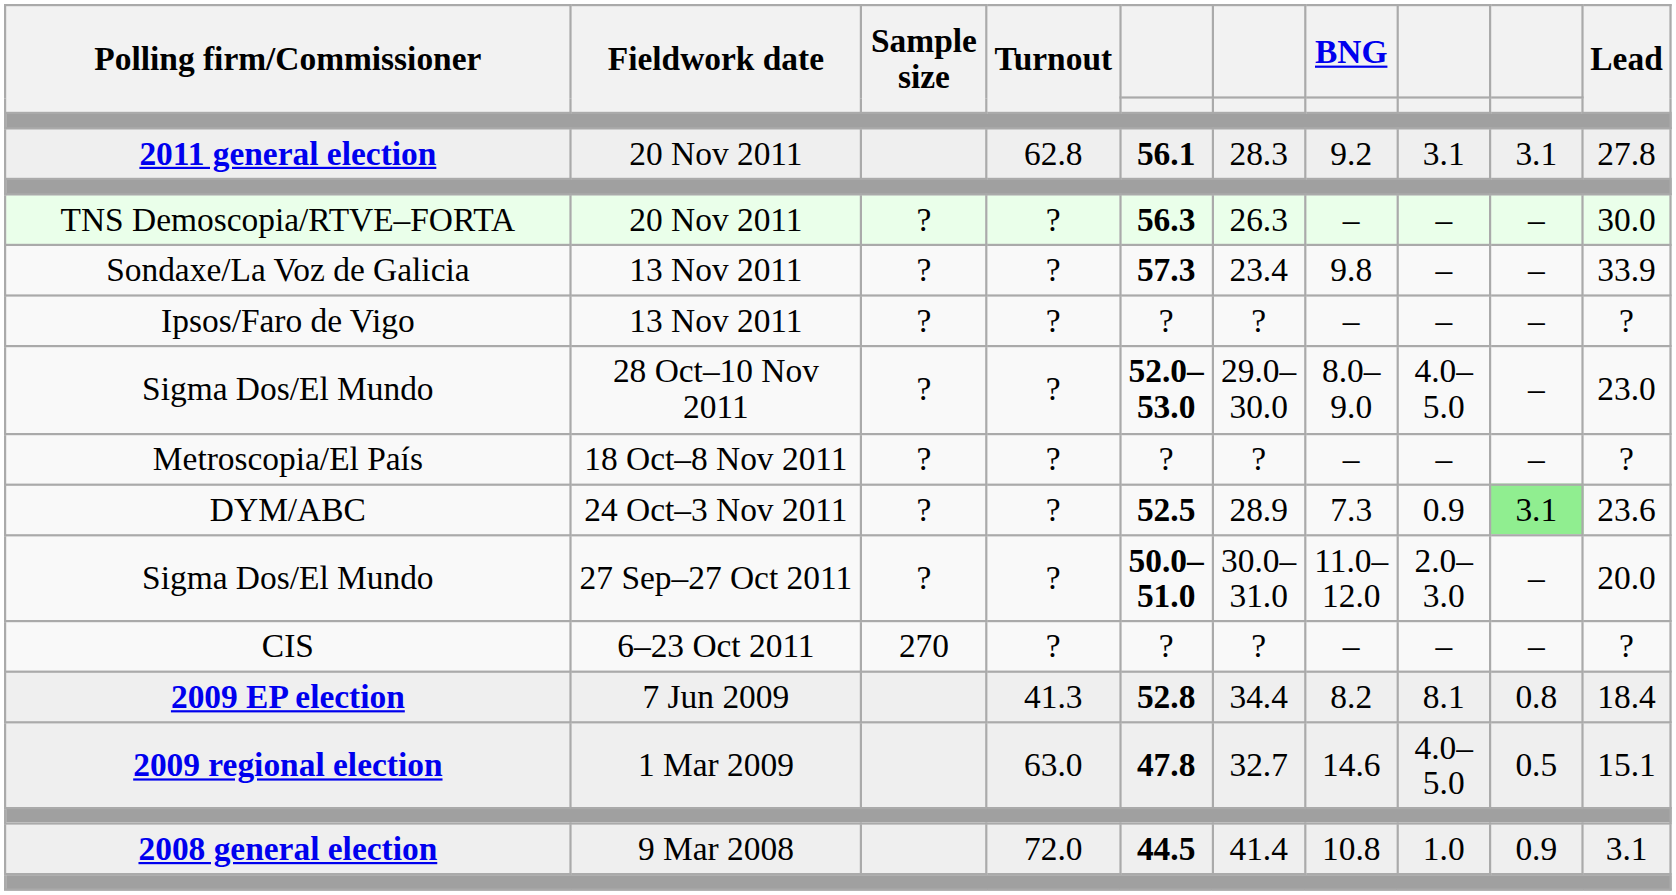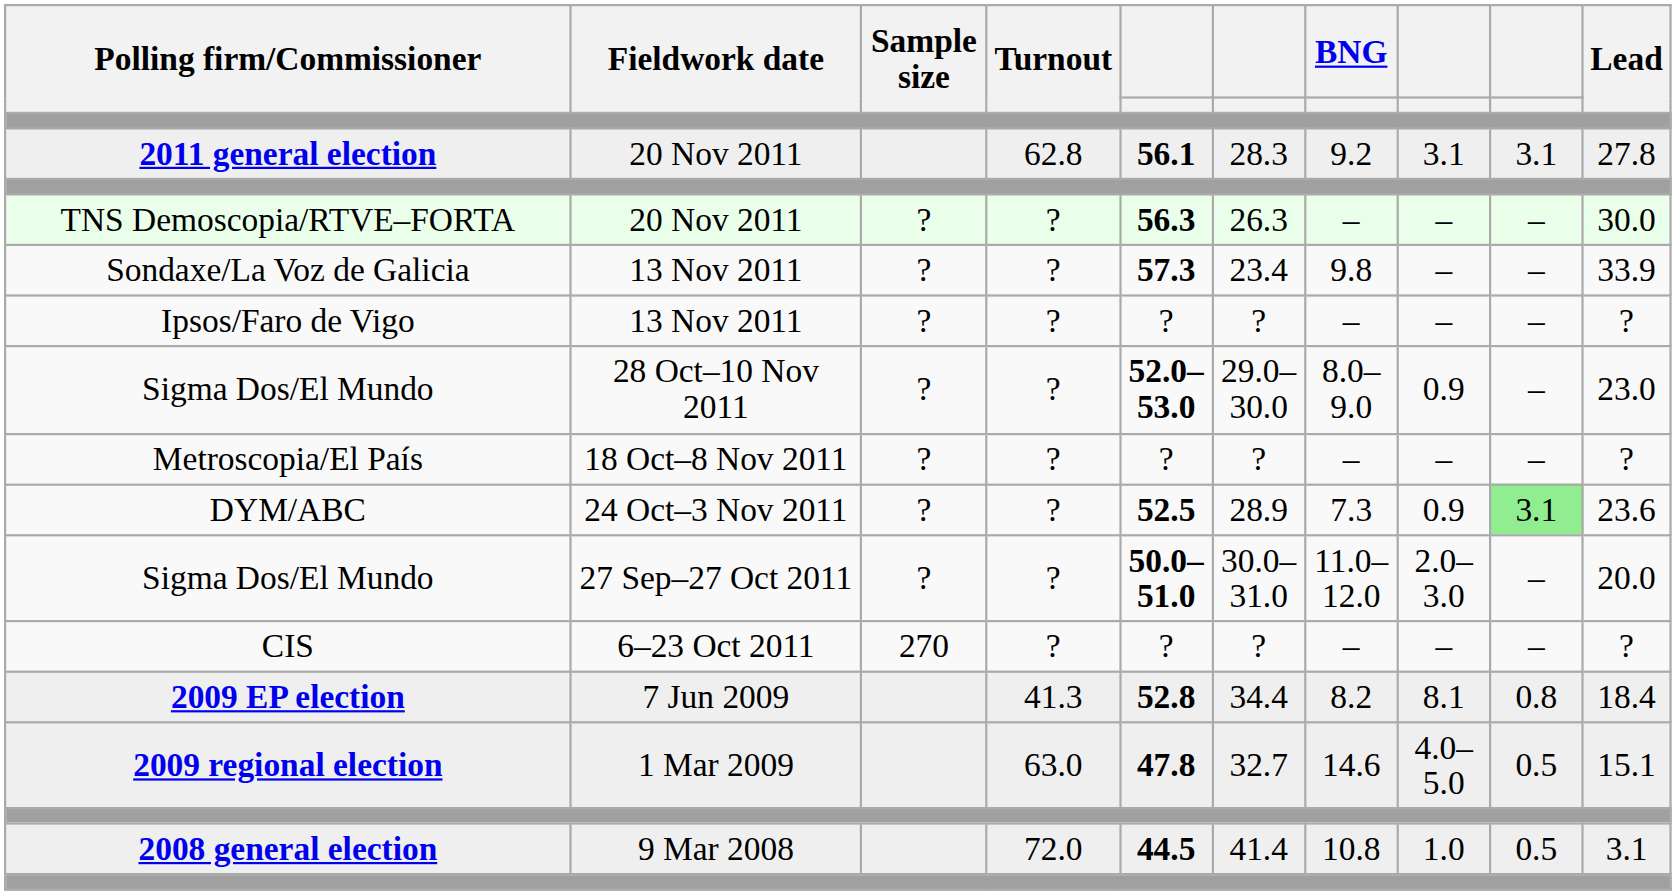 <table class="wikitable collapsible collapsed" style="text-align:center; font-size:95%; line-height:16px;">
 <tr style="height:42px;">
 <th style="width:250px;" rowspan="2">Polling firm/Commissioner</th>
 <th style="width:125px;" rowspan="2">Fieldwork date</th>
 <th style="width:50px;" rowspan="2">Sample size</th>
 <th style="width:45px;" rowspan="2">Turnout</th>
 <th style="width:35px;"></th>
 <th style="width:35px;"></th>
 <th style="width:35px;"><a href='#'>BNG</a></th>
 <th style="width:35px;"></th>
 <th style="width:35px;"></th>
 <th style="width:30px;" rowspan="2">Lead</th>
 </tr>
 <tr>
 <th style="color:inherit;background:"></th>
 <th style="color:inherit;background:"></th>
 <th style="color:inherit;background:"></th>
 <th style="color:inherit;background:"></th>
 <th style="color:inherit;background:"></th>
 </tr>
 <tr>
 <td colspan="10" style="background:#A0A0A0"></td>
 </tr>
 <tr style="background:#EFEFEF;">
 <td><strong><a href='#'>2011 general election</a></strong></td>
 <td>20 Nov 2011</td>
 <td></td>
 <td>62.8</td>
 <td><strong>56.1</strong><br></td>
 <td>28.3<br></td>
 <td>9.2<br></td>
 <td>3.1<br></td>
 <td>3.1<br></td>
 <td style="background:">27.8</td>
 </tr>
 <tr>
 <td colspan="10" style="background:#A0A0A0"></td>
 </tr>
 <tr style="background:#EAFFEA;">
 <td>TNS Demoscopia/RTVE–FORTA</td>
 <td>20 Nov 2011</td>
 <td>?</td>
 <td>?</td>
 <td><strong>56.3</strong><br></td>
 <td>26.3<br></td>
 <td>–</td>
 <td>–</td>
 <td>–</td>
 <td style="background:">30.0</td>
 </tr>
 <tr>
 <td>Sondaxe/La Voz de Galicia</td>
 <td>13 Nov 2011</td>
 <td>?</td>
 <td>?</td>
 <td><strong>57.3</strong><br></td>
 <td>23.4<br></td>
 <td>9.8<br></td>
 <td>–</td>
 <td>–</td>
 <td style="background:">33.9</td>
 </tr>
 <tr>
 <td>Ipsos/Faro de Vigo</td>
 <td>13 Nov 2011</td>
 <td>?</td>
 <td>?</td>
 <td>?<br></td>
 <td>?<br></td>
 <td>–</td>
 <td>–</td>
 <td>–</td>
 <td style="background:">?</td>
 </tr>
 <tr>
 <td>Sigma Dos/El Mundo</td>
 <td>28 Oct–10 Nov 2011</td>
 <td>?</td>
 <td>?</td>
 <td><strong>52.0–<br>53.0</strong><br></td>
 <td>29.0–<br>30.0<br></td>
 <td>8.0–<br>9.0<br></td>
-<td>4.0–<br>5.0<br></td>
+<td>0.9<br></td>
 <td>–</td>
 <td style="background:">23.0</td>
 </tr>
 <tr>
 <td>Metroscopia/El País</td>
 <td>18 Oct–8 Nov 2011</td>
 <td>?</td>
 <td>?</td>
 <td>?<br></td>
 <td>?<br></td>
 <td>–</td>
 <td>–</td>
 <td>–</td>
 <td style="background:">?</td>
 </tr>
 <tr>
 <td>DYM/ABC</td>
 <td>24 Oct–3 Nov 2011</td>
 <td>?</td>
 <td>?</td>
 <td><strong>52.5</strong><br></td>
 <td>28.9<br></td>
 <td>7.3<br></td>
 <td>0.9<br></td>
 <td style="background: lightgreen;">3.1<br></td>
 <td style="background:">23.6</td>
 </tr>
 <tr>
 <td>Sigma Dos/El Mundo</td>
 <td>27 Sep–27 Oct 2011</td>
 <td>?</td>
 <td>?</td>
 <td><strong>50.0–<br>51.0</strong><br></td>
 <td>30.0–<br>31.0<br></td>
 <td>11.0–<br>12.0<br></td>
 <td>2.0–<br>3.0<br></td>
 <td>–</td>
 <td style="background:">20.0</td>
 </tr>
 <tr>
 <td>CIS</td>
 <td>6–23 Oct 2011</td>
 <td>270</td>
 <td>?</td>
 <td>?<br></td>
 <td>?<br></td>
 <td>–</td>
 <td>–</td>
 <td>–</td>
 <td style="background:">?</td>
 </tr>
 <tr style="background:#EFEFEF;">
 <td><strong><a href='#'>2009 EP election</a></strong></td>
 <td>7 Jun 2009</td>
 <td></td>
 <td>41.3</td>
 <td><strong>52.8</strong><br></td>
 <td>34.4<br></td>
 <td>8.2<br></td>
 <td>8.1<br></td>
 <td>0.8<br></td>
 <td style="background:">18.4</td>
 </tr>
 <tr style="background:#EFEFEF;">
 <td><strong><a href='#'>2009 regional election</a></strong></td>
 <td>1 Mar 2009</td>
 <td></td>
 <td>63.0</td>
 <td><strong>47.8</strong><br></td>
 <td>32.7<br></td>
 <td>14.6<br></td>
 <td>4.0–<br>5.0<br></td>
 <td>0.5<br></td>
 <td style="background:">15.1</td>
 </tr>
 <tr>
 <td colspan="10" style="background:#A0A0A0"></td>
 </tr>
 <tr style="background:#EFEFEF;">
 <td><strong><a href='#'>2008 general election</a></strong></td>
 <td>9 Mar 2008</td>
 <td></td>
 <td>72.0</td>
 <td><strong>44.5</strong><br></td>
 <td>41.4<br></td>
 <td>10.8<br></td>
 <td>1.0<br></td>
-<td>0.9<br></td>
+<td>0.5<br></td>
 <td style="background:">3.1</td>
 </tr>
 <tr>
 <td colspan="10" style="background:#A0A0A0"></td>
 </tr>
 </table>
